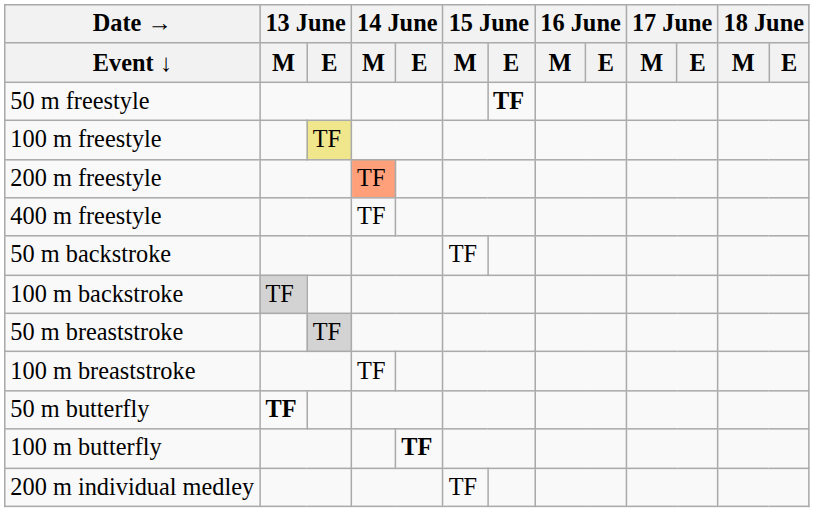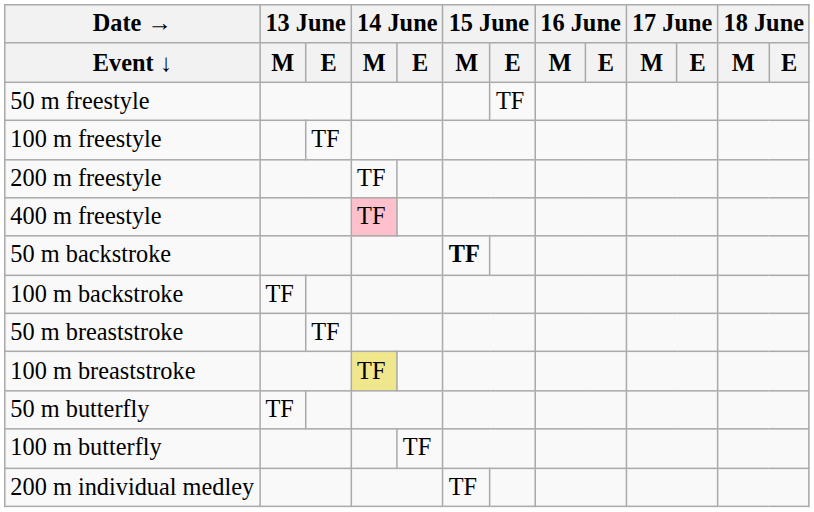 <table class="wikitable swimming-schedule floatleft">
 <tr>
 <th>Date →</th>
 <th colspan=2>13 June</th>
 <th colspan=2>14 June</th>
 <th colspan=2>15 June</th>
 <th colspan=2>16 June</th>
 <th colspan=2>17 June</th>
 <th colspan=2>18 June</th>
 </tr>
 <tr>
 <th>Event ↓</th>
 <th>M</th>
 <th>E</th>
 <th>M</th>
 <th>E</th>
 <th>M</th>
 <th>E</th>
 <th>M</th>
 <th>E</th>
 <th>M</th>
 <th>E</th>
 <th>M</th>
 <th>E</th>
 </tr>
 <tr>
 <td class=event>50 m freestyle</td>
 <td colspan=2></td>
 <td colspan=2></td>
 <td></td>
-<td class=timed-final><strong>TF</strong></td>
+<td class=timed-final>TF</td>
 <td colspan=2></td>
 <td colspan=2></td>
 <td colspan=2></td>
 </tr>
 <tr>
 <td class=event>100 m freestyle</td>
 <td></td>
-<td class=timed-final style="background: khaki;">TF</td>
+<td class=timed-final>TF</td>
 <td colspan=2></td>
 <td colspan=2></td>
 <td colspan=2></td>
 <td colspan=2></td>
 <td colspan=2></td>
 </tr>
 <tr>
 <td class=event>200 m freestyle</td>
 <td colspan=2></td>
-<td class=timed-final style="background: lightsalmon;">TF</td>
+<td class=timed-final>TF</td>
 <td></td>
 <td colspan=2></td>
 <td colspan=2></td>
 <td colspan=2></td>
 <td colspan=2></td>
 </tr>
 <tr>
 <td class=event>400 m freestyle</td>
 <td colspan=2></td>
-<td class=timed-final>TF</td>
+<td class=timed-final style="background: pink;">TF</td>
 <td></td>
 <td colspan=2></td>
 <td colspan=2></td>
 <td colspan=2></td>
 <td colspan=2></td>
 </tr>
 <tr>
 <td class=event>50 m backstroke</td>
 <td colspan=2></td>
 <td colspan=2></td>
-<td class=timed-final>TF</td>
+<td class=timed-final><strong>TF</strong></td>
 <td></td>
 <td colspan=2></td>
 <td colspan=2></td>
 <td colspan=2></td>
 </tr>
 <tr>
 <td class=event>100 m backstroke</td>
-<td class=timed-final style="background: lightgrey;">TF</td>
+<td class=timed-final>TF</td>
 <td></td>
 <td colspan=2></td>
 <td colspan=2></td>
 <td colspan=2></td>
 <td colspan=2></td>
 <td colspan=2></td>
 </tr>
 <tr>
 <td class=event>50 m breaststroke</td>
 <td></td>
-<td class=timed-final style="background: lightgrey;">TF</td>
+<td class=timed-final>TF</td>
 <td colspan=2></td>
 <td colspan=2></td>
 <td colspan=2></td>
 <td colspan=2></td>
 <td colspan=2></td>
 </tr>
 <tr>
 <td class=event>100 m breaststroke</td>
 <td colspan=2></td>
-<td class=timed-final>TF</td>
+<td class=timed-final style="background: khaki;">TF</td>
 <td></td>
 <td colspan=2></td>
 <td colspan=2></td>
 <td colspan=2></td>
 <td colspan=2></td>
 </tr>
 <tr>
 <td class=event>50 m butterfly</td>
-<td class=timed-final><strong>TF</strong></td>
+<td class=timed-final>TF</td>
 <td></td>
 <td colspan=2></td>
 <td colspan=2></td>
 <td colspan=2></td>
 <td colspan=2></td>
 <td colspan=2></td>
 </tr>
 <tr>
 <td class=event>100 m butterfly</td>
 <td colspan=2></td>
 <td></td>
-<td class=timed-final><strong>TF</strong></td>
+<td class=timed-final>TF</td>
 <td colspan=2></td>
 <td colspan=2></td>
 <td colspan=2></td>
 <td colspan=2></td>
 </tr>
 <tr>
 <td class=event>200 m individual medley</td>
 <td colspan=2></td>
 <td colspan=2></td>
 <td class=timed-final>TF</td>
 <td></td>
 <td colspan=2></td>
 <td colspan=2></td>
 <td colspan=2></td>
 </tr>
 </table>
